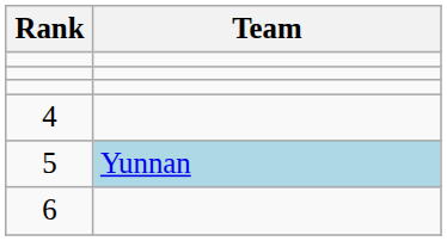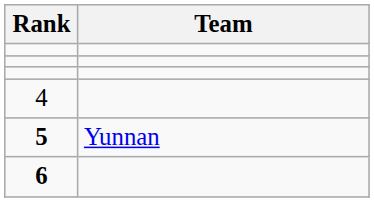 <table class="wikitable" style="text-align: center;">
 <tr>
 <th width=40>Rank</th>
 <th width=180>Team</th>
 </tr>
 <tr align=center>
 <td></td>
 <td style="text-align:left;"></td>
 </tr>
 <tr align=center>
 <td></td>
 <td style="text-align:left;"></td>
 </tr>
 <tr align=center>
 <td></td>
 <td style="text-align:left;"></td>
 </tr>
 <tr align=center>
 <td>4</td>
 <td style="text-align:left;"></td>
 </tr>
 <tr align=center>
-<td>5</td>
-<td style="background: lightblue; text-align:left;"> <a href='#'>Yunnan</a></td>
+<td><strong>5</strong></td>
+<td style="text-align:left;"> <a href='#'>Yunnan</a></td>
 </tr>
 <tr align=center>
-<td>6</td>
+<td><strong>6</strong></td>
 <td style="text-align:left;"></td>
 </tr>
 </table>
